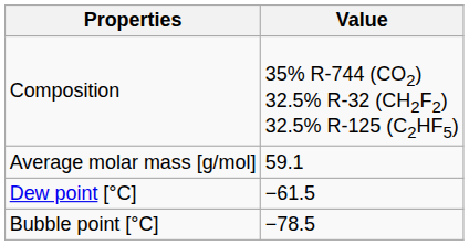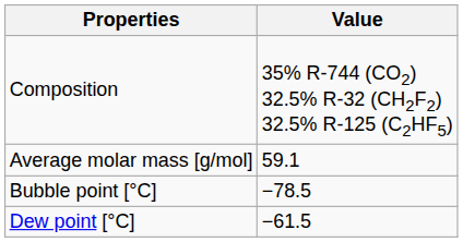 <table class="wikitable float-right" border="1">
 <tr>
 <th>Properties</th>
 <th>Value</th>
 </tr>
 <tr>
 <td>Composition</td>
 <td><br>35% R-744 (CO<sub>2</sub>)<br> 32.5% R-32 (CH<sub>2</sub>F<sub>2</sub>)<br> 32.5% R-125 (C<sub>2</sub>HF<sub>5</sub>)</td>
 </tr>
 <tr>
 <td>Average molar mass [g/mol]</td>
 <td>59.1</td>
 </tr>
 <tr>
+<td>Bubble point [°C]</td>
+<td>−78.5</td>
+</tr>
+<tr>
 <td><a href='#'>Dew point</a> [°C]</td>
 <td>−61.5</td>
 </tr>
-<tr>
-<td>Bubble point [°C]</td>
-<td>−78.5</td>
-</tr>
 </table>
